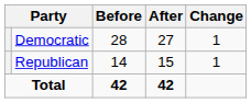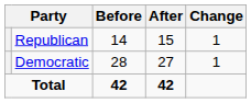 <table class="wikitable" style="text-align:center;">
 <tr>
 <th colspan="2">Party</th>
 <th>Before</th>
 <th>After</th>
 <th>Change</th>
 </tr>
 <tr>
 <th style="background-color:"></th>
-<td style="text-align:left;"><a href='#'>Democratic</a></td>
-<td>28</td>
-<td>27</td>
+<td style="text-align:left;"><a href='#'>Republican</a></td>
+<td>14</td>
+<td>15</td>
 <td> 1</td>
 </tr>
 <tr>
 <th style="background-color:"></th>
-<td style="text-align:left;"><a href='#'>Republican</a></td>
-<td>14</td>
-<td>15</td>
+<td style="text-align:left;"><a href='#'>Democratic</a></td>
+<td>28</td>
+<td>27</td>
 <td> 1</td>
 </tr>
 <tr>
 <td colspan="2"><strong>Total</strong></td>
 <td><strong>42</strong></td>
 <td><strong>42</strong></td>
 <td></td>
 </tr>
 </table>
